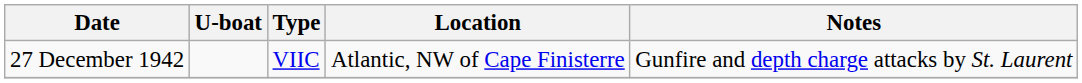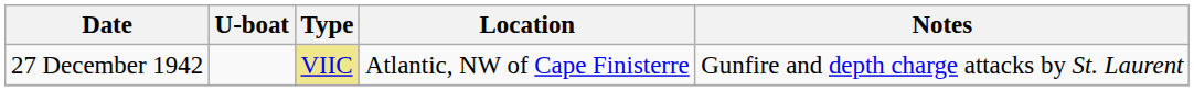 <table class="wikitable">
 <tr>
 <th>Date</th>
 <th>U-boat</th>
 <th>Type</th>
 <th>Location</th>
 <th>Notes</th>
 </tr>
 <tr>
 <td>27 December 1942</td>
 <td></td>
-<td><a href='#'>VIIC</a></td>
+<td style="background: khaki;"><a href='#'>VIIC</a></td>
 <td>Atlantic, NW of <a href='#'>Cape Finisterre</a><br>  </td>
 <td>Gunfire and <a href='#'>depth charge</a> attacks  by <em>St. Laurent</em>  </td>
 </tr>
 <tr>
 </tr>
 </table>
